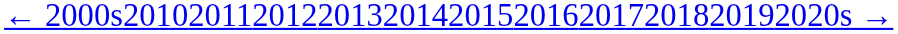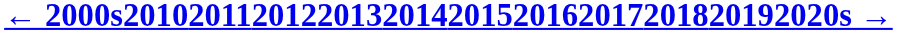 <table id="toc" class="toc" summary=Contents>
 <tr>
 <th></th>
 </tr>
 <tr>
-<td align="center"><a href='#'>← 2000s</a><a href='#'>2010</a><a href='#'>2011</a><a href='#'>2012</a><a href='#'>2013</a><a href='#'>2014</a><a href='#'>2015</a><a href='#'>2016</a><a href='#'>2017</a><a href='#'>2018</a><a href='#'>2019</a><a href='#'>2020s →</a></td>
+<td align="center"><strong><a href='#'>← 2000s</a><a href='#'>2010</a><a href='#'>2011</a><a href='#'>2012</a><a href='#'>2013</a><a href='#'>2014</a><a href='#'>2015</a><a href='#'>2016</a><a href='#'>2017</a><a href='#'>2018</a><a href='#'>2019</a><a href='#'>2020s →</a></strong></td>
 </tr>
 </table>
